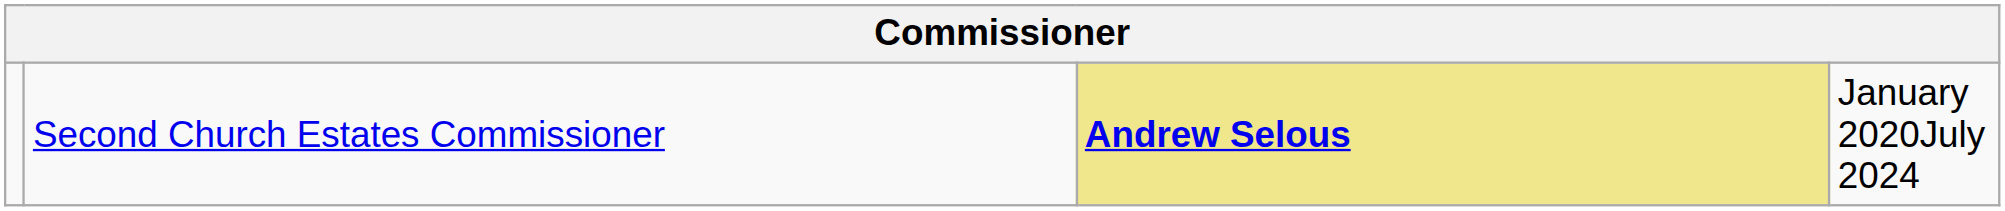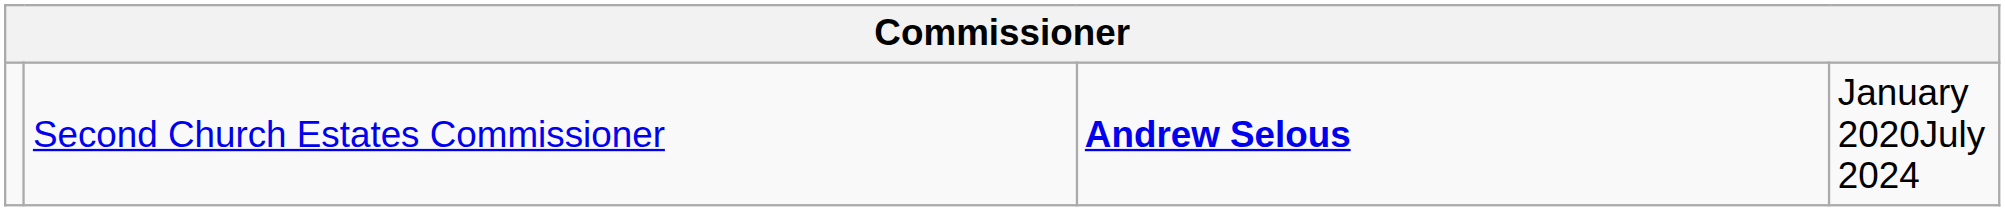 <table class="wikitable">
 <tr>
 <th colspan="4">Commissioner</th>
 </tr>
 <tr>
 <td rowspan="1" style="width: 1px; background: "></td>
 <td rowspan="1" style="width: 450px;"><a href='#'>Second Church Estates Commissioner</a></td>
-<td style="background: khaki; width: 320px;"><strong><a href='#'>Andrew Selous</a></strong></td>
+<td style="width: 320px;"><strong><a href='#'>Andrew Selous</a></strong></td>
 <td>January 2020July 2024</td>
 </tr>
 </table>
